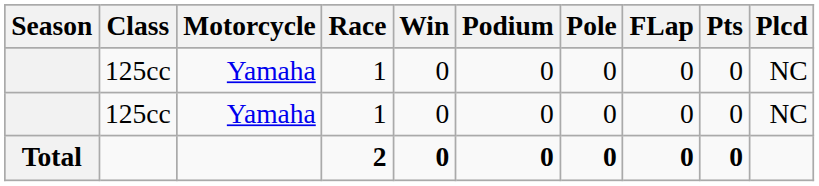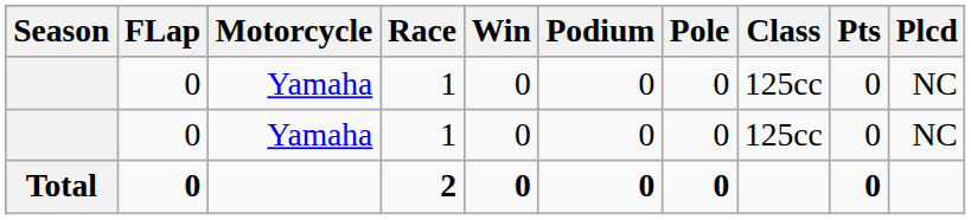 <table class="wikitable">
 <tr>
 <th>Season</th>
-<th>Class</th>
+<th>FLap</th>
 <th>Motorcycle</th>
 <th>Race</th>
 <th>Win</th>
 <th>Podium</th>
 <th>Pole</th>
-<th>FLap</th>
+<th>Class</th>
 <th>Pts</th>
 <th>Plcd</th>
 </tr>
 <tr align="right">
 <th></th>
-<td>125cc</td>
+<td>0</td>
 <td><a href='#'>Yamaha</a></td>
 <td>1</td>
 <td>0</td>
 <td>0</td>
 <td>0</td>
-<td>0</td>
+<td>125cc</td>
 <td>0</td>
 <td>NC</td>
 </tr>
 <tr align="right">
 <th></th>
-<td>125cc</td>
+<td>0</td>
 <td><a href='#'>Yamaha</a></td>
 <td>1</td>
 <td>0</td>
 <td>0</td>
 <td>0</td>
-<td>0</td>
+<td>125cc</td>
 <td>0</td>
 <td>NC</td>
 </tr>
 <tr align="right">
 <th>Total</th>
-<td></td>
+<td><strong>0</strong></td>
 <td></td>
 <td><strong>2</strong></td>
 <td><strong>0</strong></td>
 <td><strong>0</strong></td>
 <td><strong>0</strong></td>
-<td><strong>0</strong></td>
+<td></td>
 <td><strong>0</strong></td>
 <td></td>
 </tr>
 </table>
